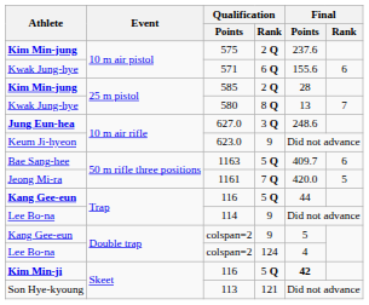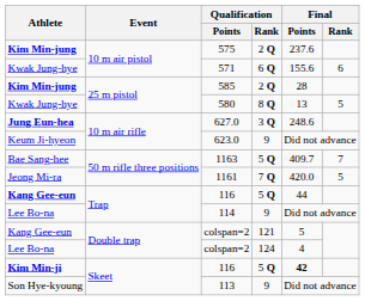 <table class=wikitable style=font-size:90%;text-align:center>
 <tr>
 <th rowspan="2">Athlete</th>
 <th rowspan="2">Event</th>
 <th colspan=2>Qualification</th>
 <th colspan=2>Final</th>
 </tr>
 <tr style="font-size:95%">
 <th>Points</th>
 <th>Rank</th>
 <th>Points</th>
 <th>Rank</th>
 </tr>
 <tr>
 <td align=left><strong><a href='#'>Kim Min-jung</a></strong></td>
 <td align=left rowspan=2><a href='#'>10 m air pistol</a></td>
 <td>575</td>
 <td>2 <strong>Q</strong></td>
 <td>237.6</td>
 <td></td>
 </tr>
 <tr>
 <td align=left><a href='#'>Kwak Jung-hye</a></td>
 <td>571</td>
 <td>6 <strong>Q</strong></td>
 <td>155.6</td>
 <td>6</td>
 </tr>
 <tr>
 <td align=left><strong><a href='#'>Kim Min-jung</a></strong></td>
 <td align=left rowspan=2><a href='#'>25 m pistol</a></td>
 <td>585</td>
 <td>2 <strong>Q</strong></td>
 <td>28</td>
 <td></td>
 </tr>
 <tr>
 <td align=left><a href='#'>Kwak Jung-hye</a></td>
 <td>580</td>
 <td>8 <strong>Q</strong></td>
 <td>13</td>
-<td>7</td>
+<td>5</td>
 </tr>
 <tr>
 <td align=left><strong><a href='#'>Jung Eun-hea</a></strong></td>
 <td align=left rowspan=2><a href='#'>10 m air rifle</a></td>
 <td>627.0</td>
 <td>3 <strong>Q</strong></td>
 <td>248.6</td>
 <td></td>
 </tr>
 <tr>
 <td align=left><a href='#'>Keum Ji-hyeon</a></td>
 <td>623.0</td>
 <td>9</td>
 <td colspan=2>Did not advance</td>
 </tr>
 <tr>
 <td align=left><a href='#'>Bae Sang-hee</a></td>
 <td align=left rowspan=2><a href='#'>50 m rifle three positions</a></td>
 <td>1163</td>
 <td>5 <strong>Q</strong></td>
 <td>409.7</td>
-<td>6</td>
+<td>7</td>
 </tr>
 <tr>
 <td align=left><a href='#'>Jeong Mi-ra</a></td>
 <td>1161</td>
 <td>7 <strong>Q</strong></td>
 <td>420.0</td>
 <td>5</td>
 </tr>
 <tr>
 <td align=left><strong><a href='#'>Kang Gee-eun</a></strong></td>
 <td align=left rowspan=2><a href='#'>Trap</a></td>
 <td>116</td>
 <td>5 <strong>Q</strong></td>
 <td>44</td>
 <td></td>
 </tr>
 <tr>
 <td align=left><a href='#'>Lee Bo-na</a></td>
 <td>114</td>
 <td>9</td>
 <td colspan=2>Did not advance</td>
 </tr>
 <tr>
 <td align=left><a href='#'>Kang Gee-eun</a></td>
 <td align=left rowspan=2><a href='#'>Double trap</a></td>
 <td>colspan=2 </td>
-<td>9</td>
+<td>121</td>
 <td>5</td>
 </tr>
 <tr>
 <td align=left><a href='#'>Lee Bo-na</a></td>
 <td>colspan=2 </td>
 <td>124</td>
 <td>4</td>
 </tr>
 <tr>
 <td align=left><strong><a href='#'>Kim Min-ji</a></strong></td>
 <td align=left rowspan=2><a href='#'>Skeet</a></td>
 <td>116</td>
 <td>5 <strong>Q</strong></td>
 <td><strong>42</strong></td>
 <td></td>
 </tr>
 <tr>
 <td align=left>Son Hye-kyoung</td>
 <td>113</td>
-<td>121</td>
+<td>9</td>
 <td colspan=2>Did not advance</td>
 </tr>
 </table>
